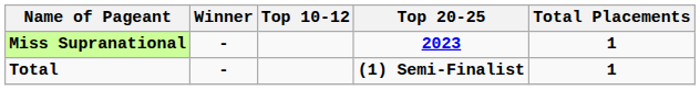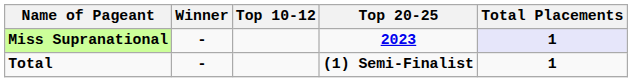 <table class="wikitable sortable" style="font-size:95%;">
 <tr>
 <th>Name of Pageant</th>
 <th>Winner</th>
 <th>Top 10-12</th>
 <th>Top 20-25</th>
 <th>Total Placements</th>
 </tr>
 <tr>
 <td bgcolor="#CCFF99"><strong>Miss Supranational</strong></td>
 <td align="center"><strong>-</strong></td>
 <td></td>
 <td align="center"><strong><a href='#'>2023</a></strong></td>
-<td align="center"><strong>1</strong></td>
+<td align="center" style="background: lavender;"><strong>1</strong></td>
 </tr>
 <tr>
 <td><strong>Total</strong></td>
 <td align="center"><strong>-</strong></td>
 <td></td>
 <td align="center"><strong>(1) Semi-Finalist</strong></td>
 <td align="center"><strong>1</strong></td>
 </tr>
 <tr>
 </tr>
 </table>
